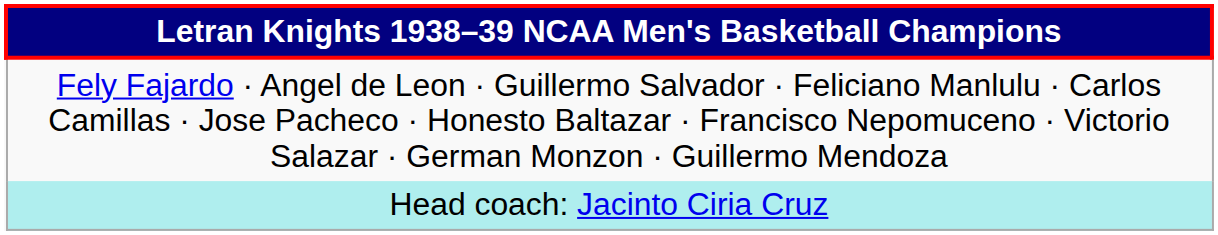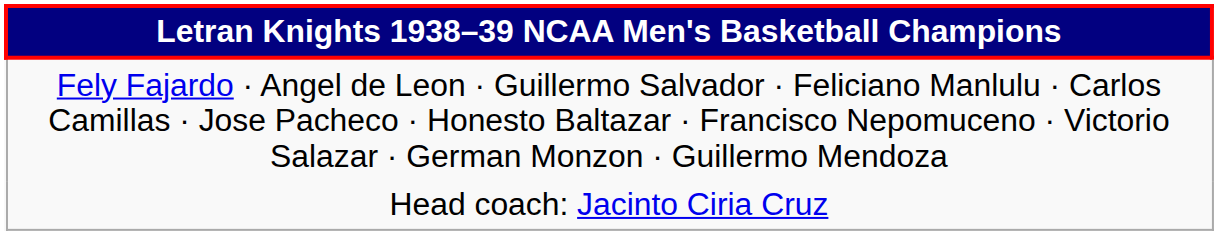 <table class="wikitable" style="text-align: center">
 <tr>
 <th style = "background:#020080; border:2px solid red; color:white">Letran Knights 1938–39 NCAA Men's Basketball Champions</th>
 </tr>
 <tr>
 <td style="border-style: none none none none;"><a href='#'>Fely Fajardo</a> · Angel de Leon · Guillermo Salvador · Feliciano Manlulu · Carlos Camillas · Jose Pacheco · Honesto Baltazar · Francisco Nepomuceno · Victorio Salazar · German Monzon · Guillermo Mendoza</td>
 </tr>
 <tr>
-<td style="background: paleturquoise; border-style: none none none none;">Head coach: <a href='#'>Jacinto Ciria Cruz</a></td>
+<td style="border-style: none none none none;">Head coach: <a href='#'>Jacinto Ciria Cruz</a></td>
 </tr>
 </table>
